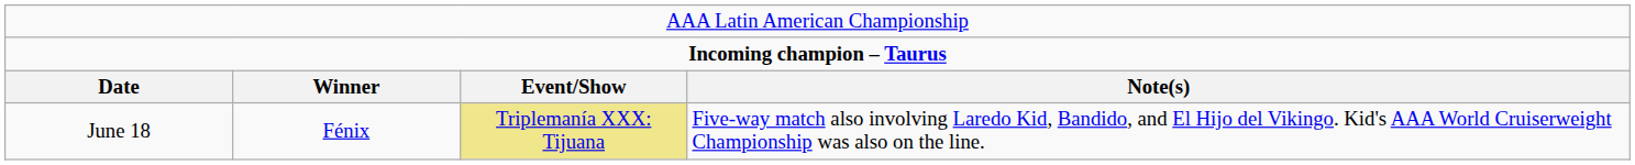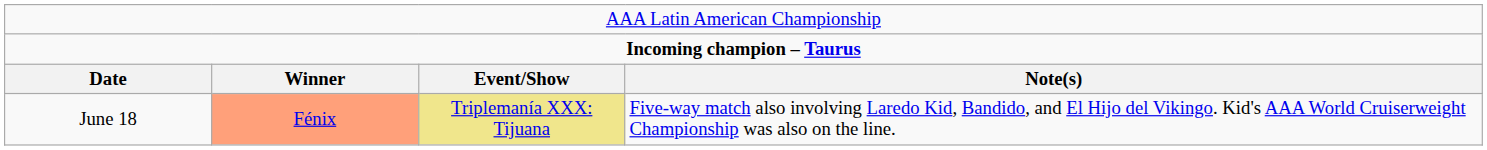 <table class="wikitable" style="text-align:center; width:100%;">
 <tr>
 <td colspan="4" style="text-align: center;"><a href='#'>AAA Latin American Championship</a></td>
 </tr>
 <tr>
 <td colspan="4" style="text-align: center;"><strong>Incoming champion – <a href='#'>Taurus</a></strong></td>
 </tr>
 <tr>
 <th width=14%>Date</th>
 <th width=14%>Winner</th>
 <th width=14%>Event/Show</th>
 <th width=58%>Note(s)</th>
 </tr>
 <tr>
 <td>June 18</td>
-<td><a href='#'>Fénix</a></td>
+<td style="background: lightsalmon;"><a href='#'>Fénix</a></td>
 <td style="background: khaki;"><a href='#'>Triplemanía XXX: Tijuana</a></td>
 <td align=left><a href='#'>Five-way match</a> also involving <a href='#'>Laredo Kid</a>, <a href='#'>Bandido</a>, and <a href='#'>El Hijo del Vikingo</a>. Kid's <a href='#'>AAA World Cruiserweight Championship</a> was also on the line.</td>
 </tr>
 </table>
